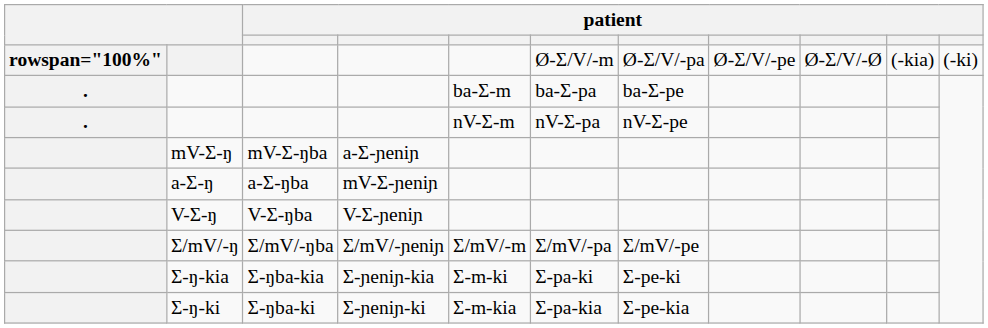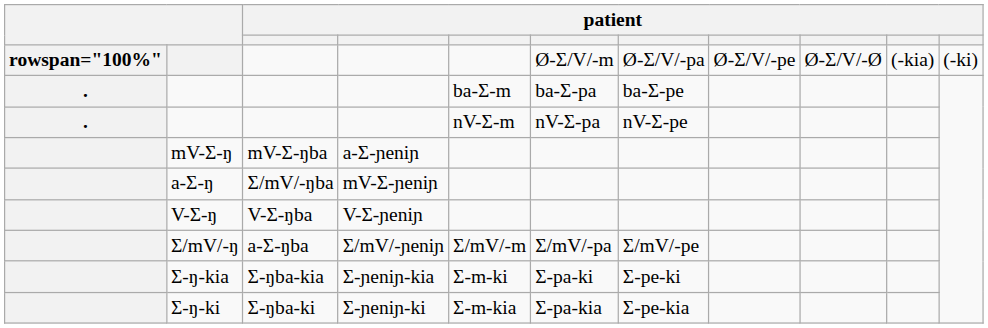 <table class="wikitable">
 <tr>
 <th colspan=2 rowspan=2></th>
 <th colspan="100%">patient</th>
 </tr>
 <tr>
 <th></th>
 <th></th>
 <th></th>
 <th></th>
 <th></th>
 <th></th>
 <th></th>
 <th></th>
 <th></th>
 </tr>
 <tr>
 <th>rowspan="100%" </th>
 <th></th>
 <td></td>
 <td></td>
 <td></td>
 <td>Ø-Σ/V/-m</td>
 <td>Ø-Σ/V/-pa</td>
 <td>Ø-Σ/V/-pe</td>
 <td>Ø-Σ/V/-Ø</td>
 <td>(-kia)</td>
 <td>(-ki)</td>
 </tr>
 <tr>
 <th>.</th>
 <td></td>
 <td></td>
 <td></td>
 <td>ba-Σ-m</td>
 <td>ba-Σ-pa</td>
 <td>ba-Σ-pe</td>
 <td></td>
 <td></td>
 <td></td>
 </tr>
 <tr>
 <th>.</th>
 <td></td>
 <td></td>
 <td></td>
 <td>nV-Σ-m</td>
 <td>nV-Σ-pa</td>
 <td>nV-Σ-pe</td>
 <td></td>
 <td></td>
 <td></td>
 </tr>
 <tr>
 <th></th>
 <td>mV-Σ-ŋ</td>
 <td>mV-Σ-ŋba</td>
 <td>a-Σ-ɲeniɲ</td>
 <td></td>
 <td></td>
 <td></td>
 <td></td>
 <td></td>
 <td></td>
 </tr>
 <tr>
 <th></th>
 <td>a-Σ-ŋ</td>
-<td>a-Σ-ŋba</td>
+<td>Σ/mV/-ŋba</td>
 <td>mV-Σ-ɲeniɲ</td>
 <td></td>
 <td></td>
 <td></td>
 <td></td>
 <td></td>
 <td></td>
 </tr>
 <tr>
 <th></th>
 <td>V-Σ-ŋ</td>
 <td>V-Σ-ŋba</td>
 <td>V-Σ-ɲeniɲ</td>
 <td></td>
 <td></td>
 <td></td>
 <td></td>
 <td></td>
 <td></td>
 </tr>
 <tr>
 <th></th>
 <td>Σ/mV/-ŋ</td>
-<td>Σ/mV/-ŋba</td>
+<td>a-Σ-ŋba</td>
 <td>Σ/mV/-ɲeniɲ</td>
 <td>Σ/mV/-m</td>
 <td>Σ/mV/-pa</td>
 <td>Σ/mV/-pe</td>
 <td></td>
 <td></td>
 <td></td>
 </tr>
 <tr>
 <th></th>
 <td>Σ-ŋ-kia</td>
 <td>Σ-ŋba-kia</td>
 <td>Σ-ɲeniɲ-kia</td>
 <td>Σ-m-ki</td>
 <td>Σ-pa-ki</td>
 <td>Σ-pe-ki</td>
 <td></td>
 <td></td>
 <td></td>
 </tr>
 <tr>
 <th></th>
 <td>Σ-ŋ-ki</td>
 <td>Σ-ŋba-ki</td>
 <td>Σ-ɲeniɲ-ki</td>
 <td>Σ-m-kia</td>
 <td>Σ-pa-kia</td>
 <td>Σ-pe-kia</td>
 <td></td>
 <td></td>
 <td></td>
 </tr>
 </table>
